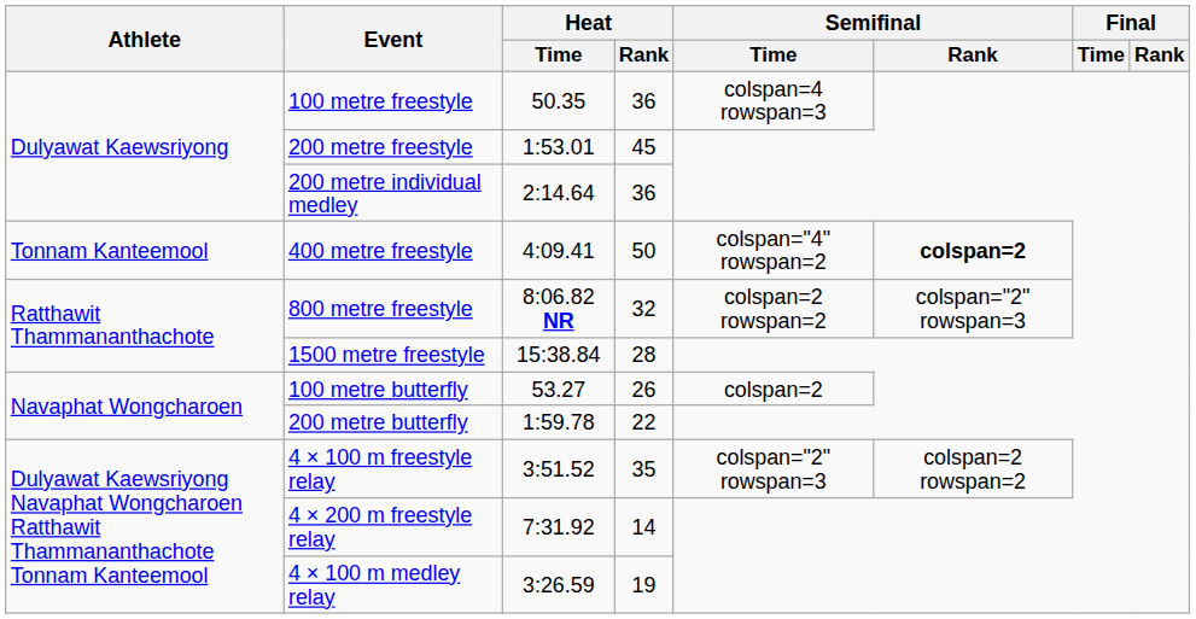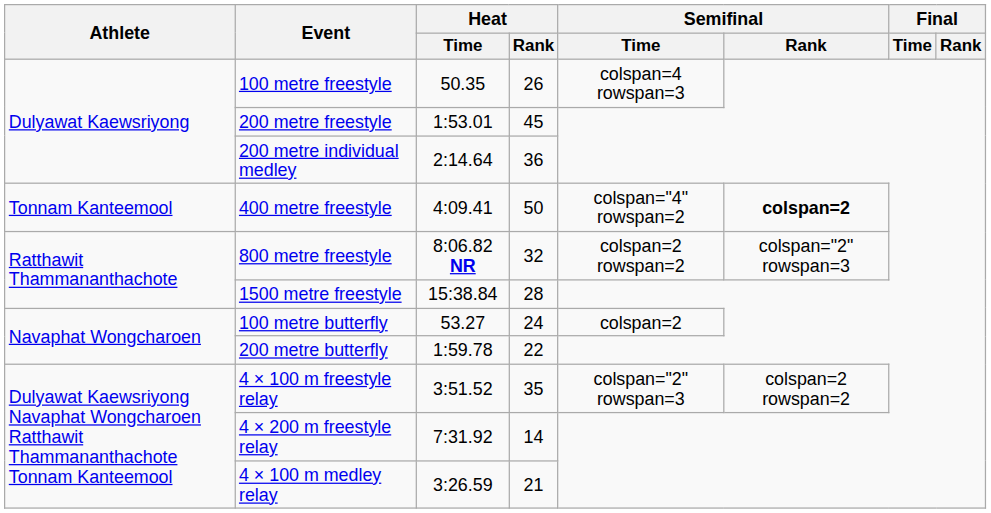 <table class="wikitable" style="text-align:center; font-size:90%; width:50%;">
 <tr>
 <th rowspan="2">Athlete</th>
 <th rowspan="2">Event</th>
 <th colspan="2">Heat</th>
 <th colspan="2">Semifinal</th>
 <th colspan="2">Final</th>
 </tr>
 <tr style="font-size:95%">
 <th>Time</th>
 <th>Rank</th>
 <th>Time</th>
 <th>Rank</th>
 <th>Time</th>
 <th>Rank</th>
 </tr>
 <tr align=center>
 <td align=left rowspan=3><a href='#'>Dulyawat Kaewsriyong</a></td>
 <td align=left><a href='#'>100 metre freestyle</a></td>
 <td>50.35</td>
-<td>36</td>
+<td>26</td>
 <td>colspan=4  rowspan=3 </td>
 </tr>
 <tr align=center>
 <td align=left><a href='#'>200 metre freestyle</a></td>
 <td>1:53.01</td>
 <td>45</td>
 </tr>
 <tr align=center>
 <td align=left><a href='#'>200 metre individual medley</a></td>
 <td>2:14.64</td>
 <td>36</td>
 </tr>
 <tr align=center>
 <td align=left><a href='#'>Tonnam Kanteemool</a></td>
 <td align=left><a href='#'>400 metre freestyle</a></td>
 <td>4:09.41</td>
 <td>50</td>
 <td>colspan="4" rowspan=2 </td>
 <td><strong>colspan=2 </strong></td>
 </tr>
 <tr align=center>
 <td align=left rowspan=2><a href='#'>Ratthawit Thammananthachote</a></td>
 <td align=left><a href='#'>800 metre freestyle</a></td>
 <td>8:06.82 <strong><a href='#'>NR</a></strong></td>
 <td>32</td>
 <td>colspan=2 rowspan=2</td>
 <td>colspan="2" rowspan=3 </td>
 </tr>
 <tr align=center>
 <td align=left><a href='#'>1500 metre freestyle</a></td>
 <td>15:38.84</td>
 <td>28</td>
 </tr>
 <tr align=center>
 <td align=left rowspan=2><a href='#'>Navaphat Wongcharoen</a></td>
 <td align=left><a href='#'>100 metre butterfly</a></td>
 <td>53.27</td>
-<td>26</td>
+<td>24</td>
 <td>colspan=2 </td>
 </tr>
 <tr align=center>
 <td align=left><a href='#'>200 metre butterfly</a></td>
 <td>1:59.78</td>
 <td>22</td>
 </tr>
 <tr align=center>
 <td align=left rowspan=3><a href='#'>Dulyawat Kaewsriyong</a>  <br><a href='#'>Navaphat Wongcharoen</a> <br><a href='#'>Ratthawit Thammananthachote</a>  <br><a href='#'>Tonnam Kanteemool</a></td>
 <td align=left><a href='#'>4 × 100 m freestyle relay</a></td>
 <td>3:51.52</td>
 <td>35</td>
 <td>colspan="2" rowspan=3 </td>
 <td>colspan=2 rowspan=2</td>
 </tr>
 <tr align=center>
 <td align=left><a href='#'>4 × 200 m freestyle relay</a></td>
 <td>7:31.92</td>
 <td>14</td>
 </tr>
 <tr align=center>
 <td align=left><a href='#'>4 × 100 m medley relay</a></td>
 <td>3:26.59</td>
-<td>19</td>
+<td>21</td>
 </tr>
 </table>
